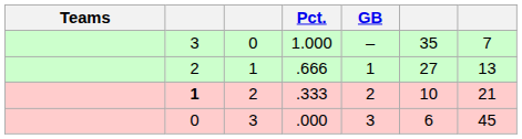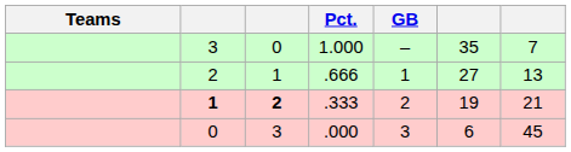 <table class="wikitable" style="text-align:center;">
 <tr>
 <th width=150px>Teams</th>
 <th width=50px></th>
 <th width=50px></th>
 <th width=50px><a href='#'>Pct.</a></th>
 <th width=50px><a href='#'>GB</a></th>
 <th width=50px></th>
 <th width=50px></th>
 </tr>
 <tr style="background-color:#cfc">
 <td align=left></td>
 <td>3</td>
 <td>0</td>
 <td>1.000</td>
 <td>–</td>
 <td>35</td>
 <td>7</td>
 </tr>
 <tr style="background-color:#cfc">
 <td align=left></td>
 <td>2</td>
 <td>1</td>
 <td>.666</td>
 <td>1</td>
 <td>27</td>
 <td>13</td>
 </tr>
 <tr style="background-color:#fcc">
 <td align=left></td>
 <td><strong>1</strong></td>
-<td>2</td>
+<td><strong>2</strong></td>
 <td>.333</td>
 <td>2</td>
-<td>10</td>
+<td>19</td>
 <td>21</td>
 </tr>
 <tr style="background-color:#fcc">
 <td align=left></td>
 <td>0</td>
 <td>3</td>
 <td>.000</td>
 <td>3</td>
 <td>6</td>
 <td>45</td>
 </tr>
 </table>
